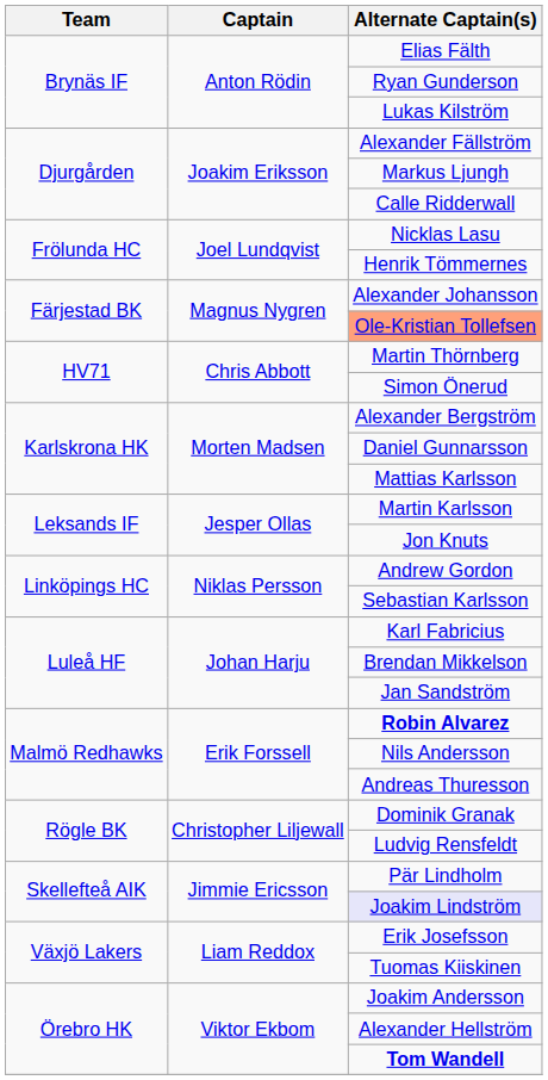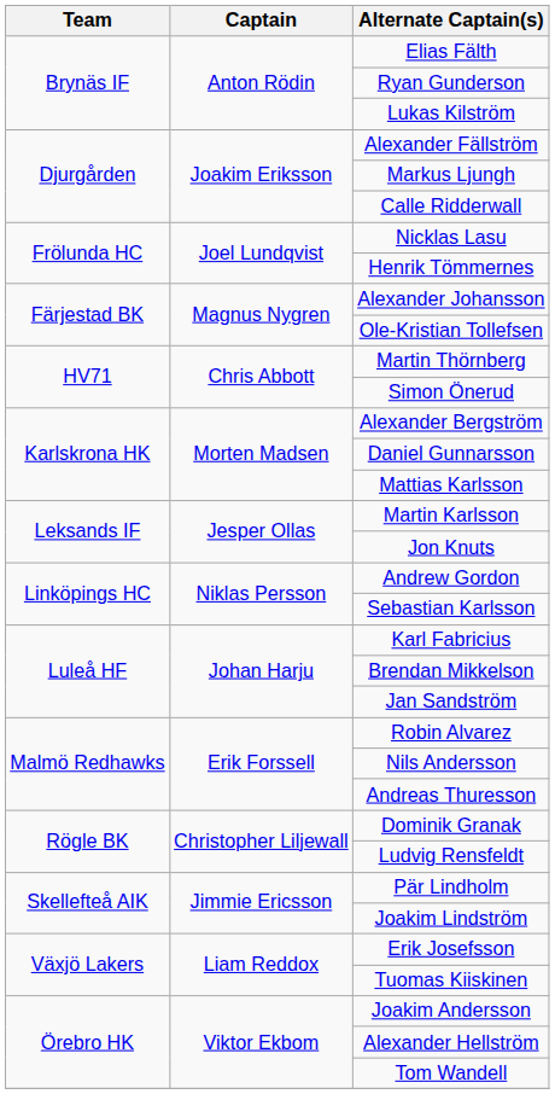 <table class="wikitable" style="text-align: center">
 <tr>
 <th>Team</th>
 <th>Captain</th>
 <th>Alternate Captain(s)</th>
 </tr>
 <tr>
 <td rowspan=3><a href='#'>Brynäs IF</a></td>
 <td rowspan=3><a href='#'>Anton Rödin</a></td>
 <td><a href='#'>Elias Fälth</a></td>
 </tr>
 <tr>
 <td><a href='#'>Ryan Gunderson</a></td>
 </tr>
 <tr>
 <td><a href='#'>Lukas Kilström</a></td>
 </tr>
 <tr>
 <td rowspan=3><a href='#'>Djurgården</a></td>
 <td rowspan=3><a href='#'>Joakim Eriksson</a></td>
 <td><a href='#'>Alexander Fällström</a></td>
 </tr>
 <tr>
 <td><a href='#'>Markus Ljungh</a></td>
 </tr>
 <tr>
 <td><a href='#'>Calle Ridderwall</a></td>
 </tr>
 <tr>
 <td rowspan=2><a href='#'>Frölunda HC</a></td>
 <td rowspan=2><a href='#'>Joel Lundqvist</a></td>
 <td><a href='#'>Nicklas Lasu</a></td>
 </tr>
 <tr>
 <td><a href='#'>Henrik Tömmernes</a></td>
 </tr>
 <tr>
 <td rowspan=2><a href='#'>Färjestad BK</a></td>
 <td rowspan=2><a href='#'>Magnus Nygren</a></td>
 <td><a href='#'>Alexander Johansson</a></td>
 </tr>
 <tr>
-<td style="background: lightsalmon;"><a href='#'>Ole-Kristian Tollefsen</a></td>
+<td><a href='#'>Ole-Kristian Tollefsen</a></td>
 </tr>
 <tr>
 <td rowspan=2><a href='#'>HV71</a></td>
 <td rowspan=2><a href='#'>Chris Abbott</a></td>
 <td><a href='#'>Martin Thörnberg</a></td>
 </tr>
 <tr>
 <td><a href='#'>Simon Önerud</a></td>
 </tr>
 <tr>
 <td rowspan=3><a href='#'>Karlskrona HK</a></td>
 <td rowspan=3><a href='#'>Morten Madsen</a></td>
 <td><a href='#'>Alexander Bergström</a></td>
 </tr>
 <tr>
 <td><a href='#'>Daniel Gunnarsson</a></td>
 </tr>
 <tr>
 <td><a href='#'>Mattias Karlsson</a></td>
 </tr>
 <tr>
 <td rowspan=2><a href='#'>Leksands IF</a></td>
 <td rowspan=2><a href='#'>Jesper Ollas</a></td>
 <td><a href='#'>Martin Karlsson</a></td>
 </tr>
 <tr>
 <td><a href='#'>Jon Knuts</a></td>
 </tr>
 <tr>
 <td rowspan=2><a href='#'>Linköpings HC</a></td>
 <td rowspan=2><a href='#'>Niklas Persson</a></td>
 <td><a href='#'>Andrew Gordon</a></td>
 </tr>
 <tr>
 <td><a href='#'>Sebastian Karlsson</a></td>
 </tr>
 <tr>
 <td rowspan=3><a href='#'>Luleå HF</a></td>
 <td rowspan=3><a href='#'>Johan Harju</a></td>
 <td><a href='#'>Karl Fabricius</a></td>
 </tr>
 <tr>
 <td><a href='#'>Brendan Mikkelson</a></td>
 </tr>
 <tr>
 <td><a href='#'>Jan Sandström</a></td>
 </tr>
 <tr>
 <td rowspan=3><a href='#'>Malmö Redhawks</a></td>
 <td rowspan=3><a href='#'>Erik Forssell</a></td>
-<td><strong><a href='#'>Robin Alvarez</a></strong></td>
+<td><a href='#'>Robin Alvarez</a></td>
 </tr>
 <tr>
 <td><a href='#'>Nils Andersson</a></td>
 </tr>
 <tr>
 <td><a href='#'>Andreas Thuresson</a></td>
 </tr>
 <tr>
 <td rowspan=2><a href='#'>Rögle BK</a></td>
 <td rowspan=2><a href='#'>Christopher Liljewall</a></td>
 <td><a href='#'>Dominik Granak</a></td>
 </tr>
 <tr>
 <td><a href='#'>Ludvig Rensfeldt</a></td>
 </tr>
 <tr>
 <td rowspan=2><a href='#'>Skellefteå AIK</a></td>
 <td rowspan=2><a href='#'>Jimmie Ericsson</a></td>
 <td><a href='#'>Pär Lindholm</a></td>
 </tr>
 <tr>
-<td style="background: lavender;"><a href='#'>Joakim Lindström</a></td>
+<td><a href='#'>Joakim Lindström</a></td>
 </tr>
 <tr>
 <td rowspan=2><a href='#'>Växjö Lakers</a></td>
 <td rowspan=2><a href='#'>Liam Reddox</a></td>
 <td><a href='#'>Erik Josefsson</a></td>
 </tr>
 <tr>
 <td><a href='#'>Tuomas Kiiskinen</a></td>
 </tr>
 <tr>
 <td rowspan=3><a href='#'>Örebro HK</a></td>
 <td rowspan=3><a href='#'>Viktor Ekbom</a></td>
 <td><a href='#'>Joakim Andersson</a></td>
 </tr>
 <tr>
 <td><a href='#'>Alexander Hellström</a></td>
 </tr>
 <tr>
-<td><strong><a href='#'>Tom Wandell</a></strong></td>
+<td><a href='#'>Tom Wandell</a></td>
 </tr>
 <tr>
 </tr>
 </table>
